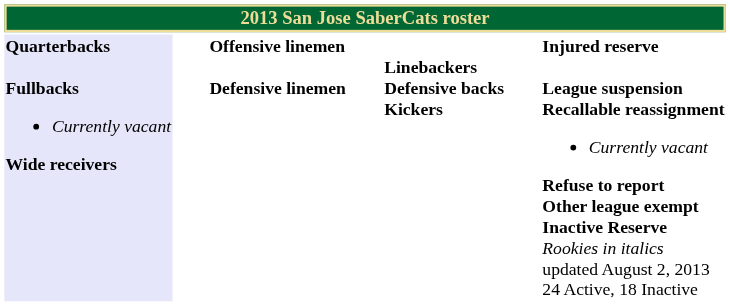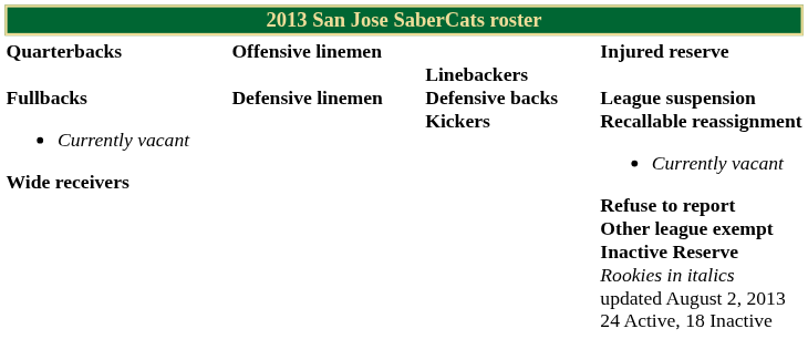 <table class="toccolours" style="text-align: left;">
 <tr>
 <th colspan=7 style="background:#063; border: 2px solid #ed9; color:#ed9; text-align:center;"><strong>2013 San Jose SaberCats roster</strong></th>
 </tr>
 <tr>
-<td style="background: lavender; font-size: 95%;" valign="top"><strong>Quarterbacks</strong><br> <br><strong>Fullbacks</strong><ul><li><em>Currently vacant</em></li></ul><strong>Wide receivers</strong>     </td>
+<td style="font-size: 95%;" valign="top"><strong>Quarterbacks</strong><br> <br><strong>Fullbacks</strong><ul><li><em>Currently vacant</em></li></ul><strong>Wide receivers</strong>     </td>
 <td style="width: 25px;"></td>
 <td style="font-size: 95%;" valign="top"><strong>Offensive linemen</strong><br>     <br><strong>Defensive linemen</strong>     </td>
 <td style="width: 25px;"></td>
 <td style="font-size: 95%;" valign="top"><br><strong>Linebackers</strong> <br><strong>Defensive backs</strong>    <br><strong>Kickers</strong> </td>
 <td style="width: 25px;"></td>
 <td style="font-size: 95%;" valign="top"><strong>Injured reserve</strong><br>        <br><strong>League suspension</strong>   <br><strong>Recallable reassignment</strong><ul><li><em>Currently vacant</em></li></ul><strong>Refuse to report</strong>  <br><strong>Other league exempt</strong>  <br><strong>Inactive Reserve</strong>  <br> <em>Rookies in italics</em><br> <span></span> updated August 2, 2013<br> 24 Active, 18 Inactive </td>
 </tr>
 <tr>
 </tr>
 </table>
